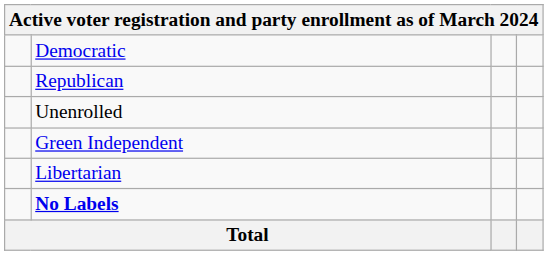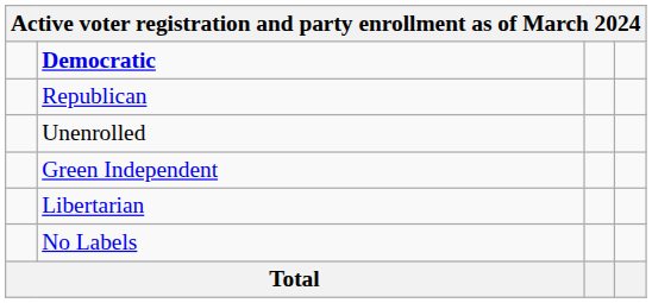 <table class=wikitable>
 <tr>
 <th colspan = 6>Active voter registration and party enrollment as of March 2024</th>
 </tr>
 <tr>
 <td></td>
-<td><a href='#'>Democratic</a></td>
+<td><strong><a href='#'>Democratic</a></strong></td>
 <td align = center></td>
 <td align = center></td>
 </tr>
 <tr>
 <td></td>
 <td><a href='#'>Republican</a></td>
 <td align = center></td>
 <td align = center></td>
 </tr>
 <tr>
 <td></td>
 <td>Unenrolled</td>
 <td align = center></td>
 <td align = center></td>
 </tr>
 <tr>
 <td></td>
 <td><a href='#'>Green Independent</a></td>
 <td align = center></td>
 <td align = center></td>
 </tr>
 <tr>
 <td></td>
 <td><a href='#'>Libertarian</a></td>
 <td align = center></td>
 <td align = center></td>
 </tr>
 <tr>
 <td></td>
-<td><strong><a href='#'>No Labels</a></strong></td>
+<td><a href='#'>No Labels</a></td>
 <td align = center></td>
 <td align = center></td>
 </tr>
 <tr>
 <th colspan = 2>Total</th>
 <th align = center></th>
 <th align = center></th>
 </tr>
 </table>
